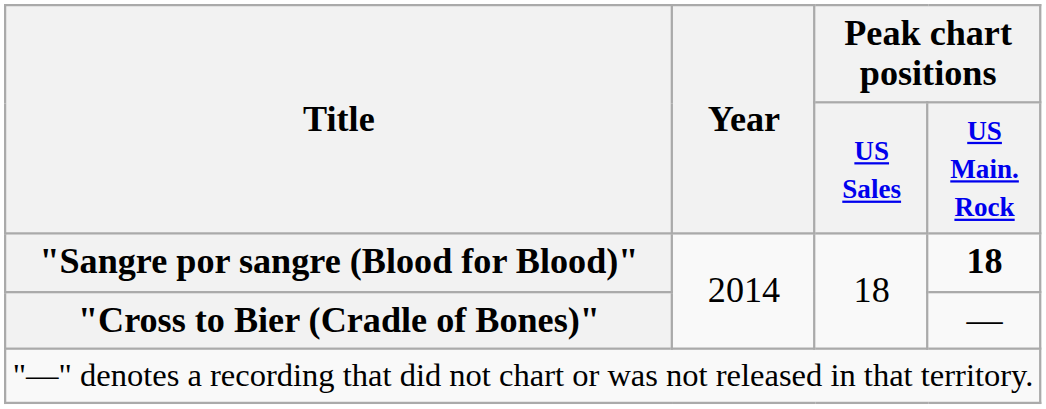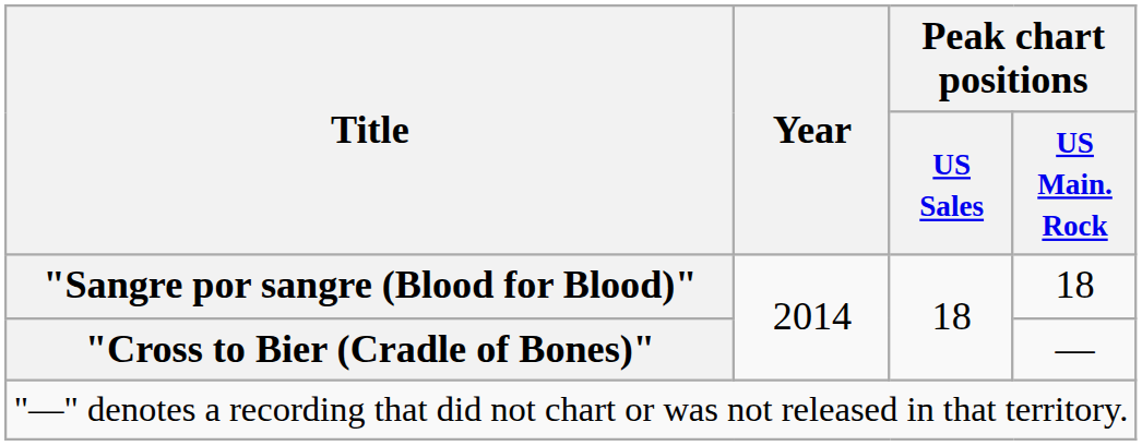 <table class="wikitable plainrowheaders" style="text-align:center;">
 <tr>
 <th scope="col" rowspan="2" style="width:18em;">Title</th>
 <th scope="col" rowspan="2">Year</th>
 <th scope="col" colspan="4">Peak chart positions</th>
 </tr>
 <tr>
 <th scope="col" style="width:3em;font-size:90%;"><small><a href='#'>US<br>Sales</a></small></th>
 <th scope="col" style="width:3em;font-size:90%;"><small><a href='#'>US<br>Main. Rock</a></small></th>
 </tr>
 <tr>
 <th scope="row">"Sangre por sangre (Blood for Blood)"</th>
 <td rowspan="2">2014</td>
 <td rowspan="2">18</td>
-<td><strong>18</strong></td>
+<td>18</td>
 </tr>
 <tr>
 <th scope="row">"Cross to Bier (Cradle of Bones)"</th>
 <td>—</td>
 </tr>
 <tr>
 <td colspan="9" style="font-size:90%">"—" denotes a recording that did not chart or was not released in that territory.</td>
 </tr>
 </table>
